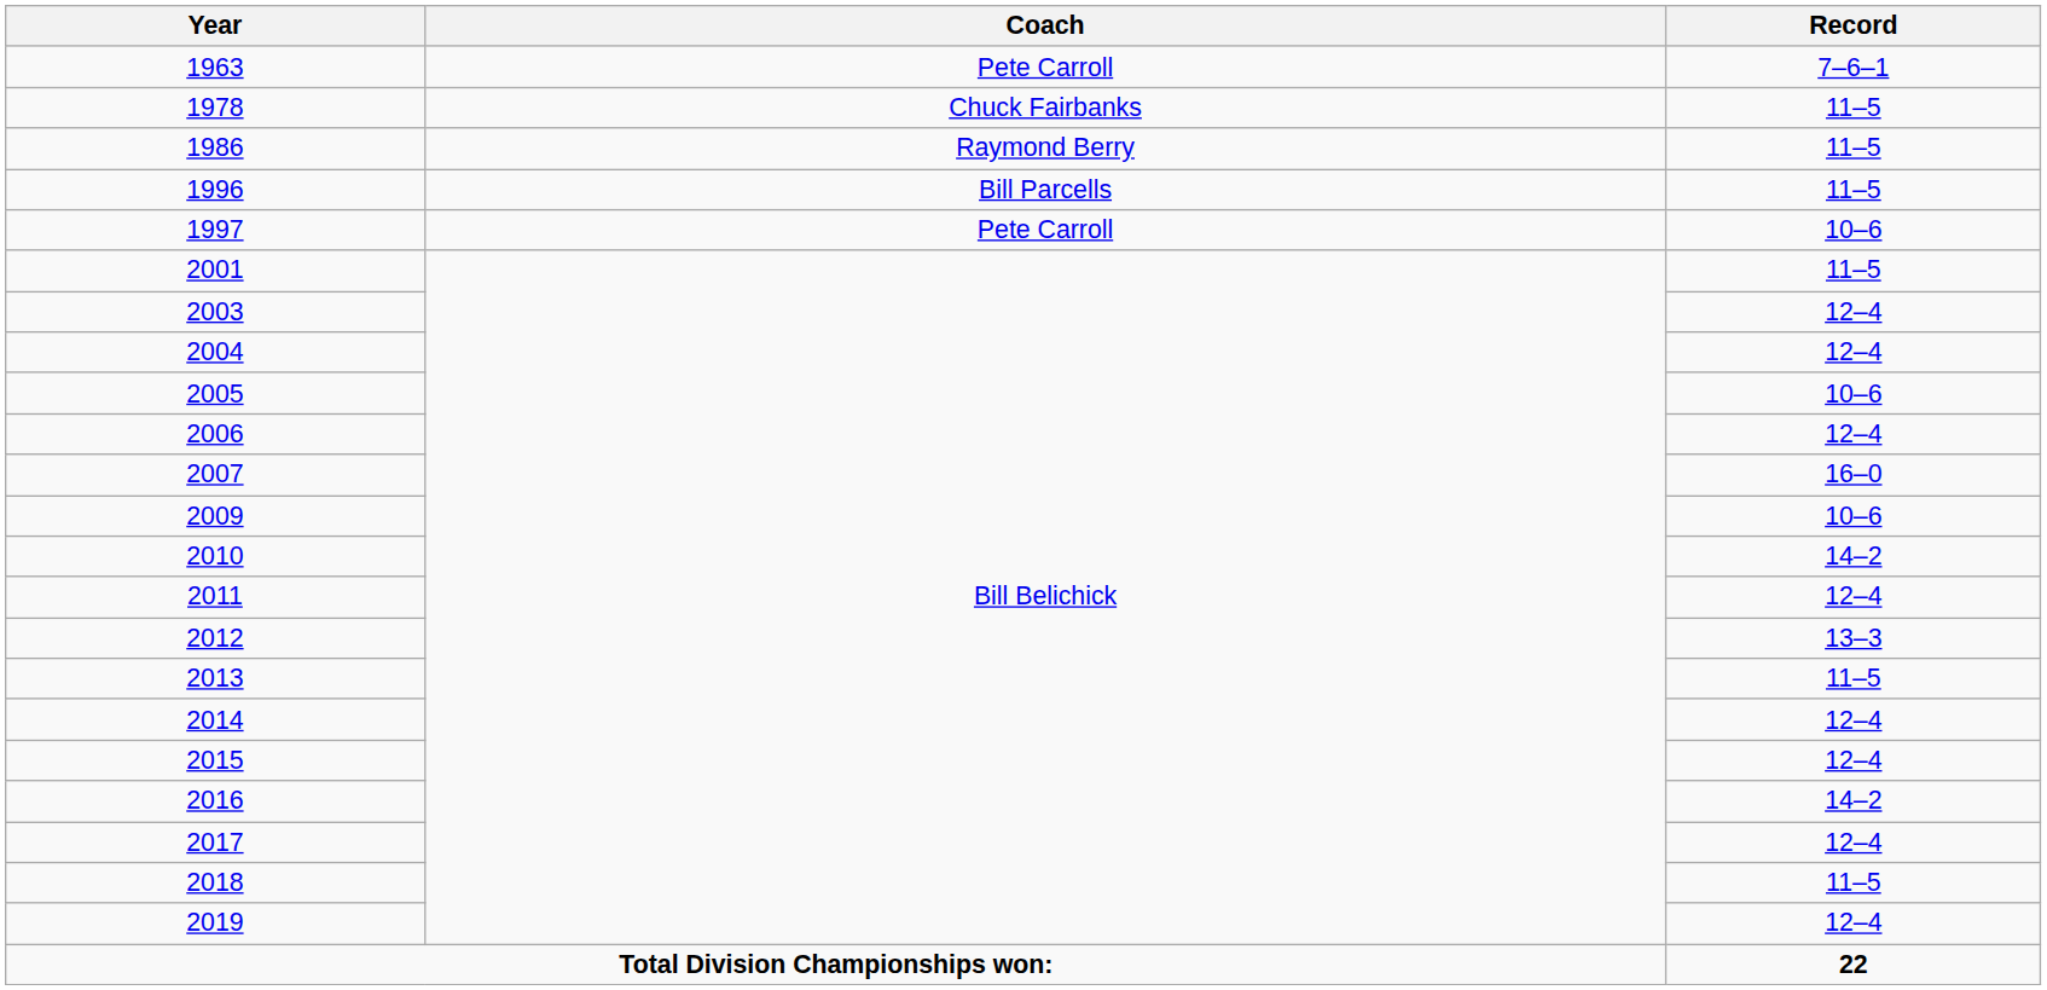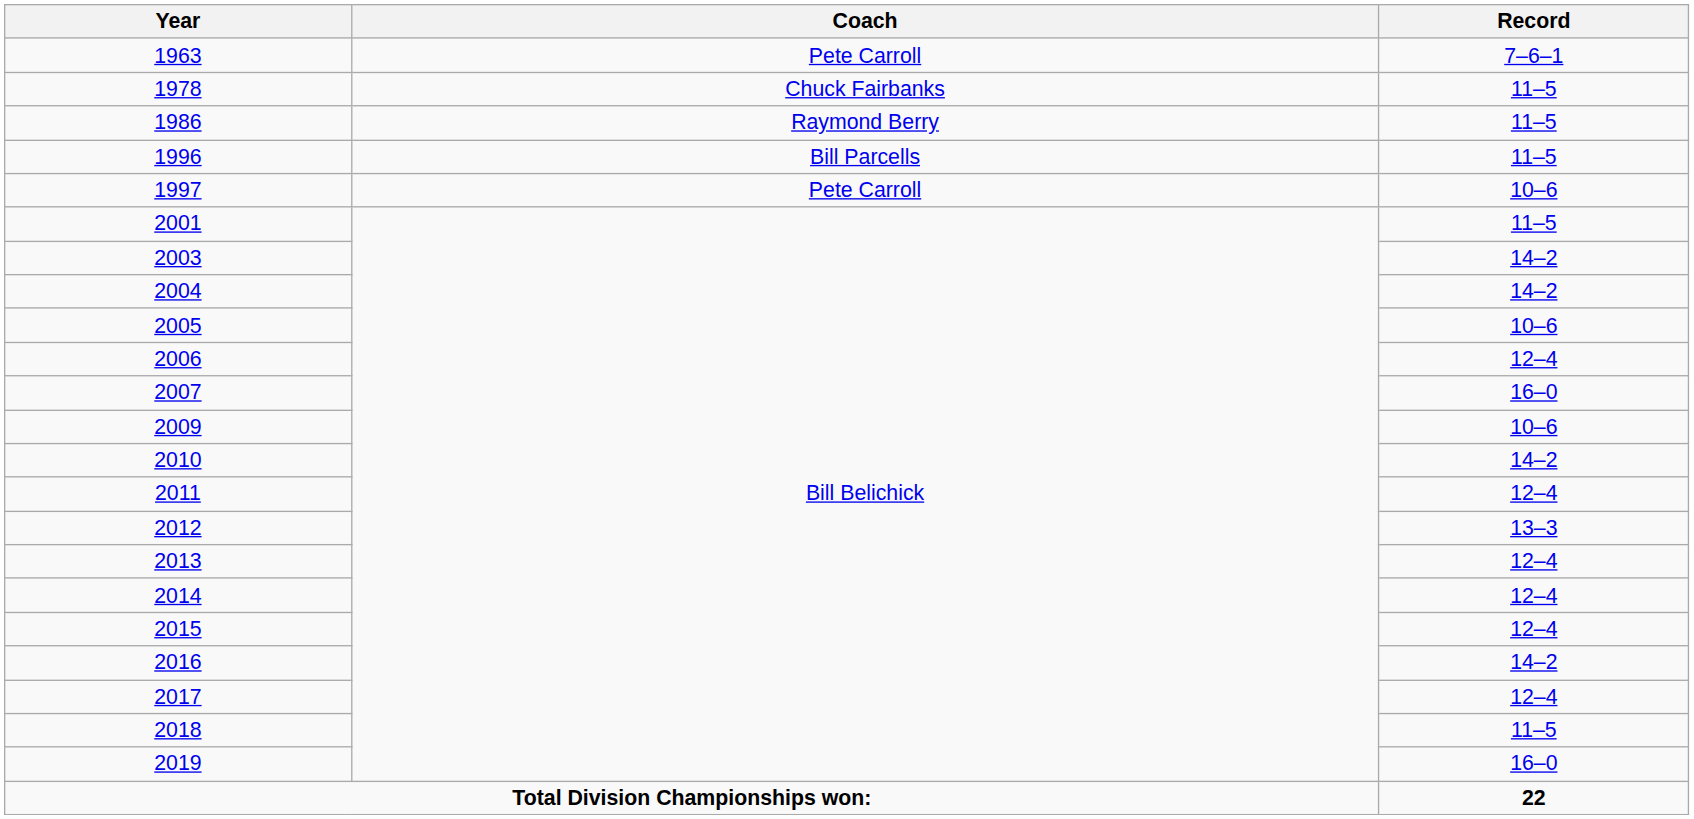 <table class="wikitable" style="width:80%;text-align:center">
 <tr>
 <th>Year</th>
 <th>Coach</th>
 <th>Record</th>
 </tr>
 <tr>
 <td><a href='#'>1963</a></td>
 <td><a href='#'>Pete Carroll</a></td>
 <td><a href='#'>7–6–1</a></td>
 </tr>
 <tr>
 <td><a href='#'>1978</a></td>
 <td><a href='#'>Chuck Fairbanks</a></td>
 <td><a href='#'>11–5</a></td>
 </tr>
 <tr>
 <td><a href='#'>1986</a></td>
 <td><a href='#'>Raymond Berry</a></td>
 <td><a href='#'>11–5</a></td>
 </tr>
 <tr>
 <td><a href='#'>1996</a></td>
 <td><a href='#'>Bill Parcells</a></td>
 <td><a href='#'>11–5</a></td>
 </tr>
 <tr>
 <td><a href='#'>1997</a></td>
 <td><a href='#'>Pete Carroll</a></td>
 <td><a href='#'>10–6</a></td>
 </tr>
 <tr>
 <td><a href='#'>2001</a></td>
 <td rowspan="17"><a href='#'>Bill Belichick</a></td>
 <td><a href='#'>11–5</a></td>
 </tr>
 <tr>
 <td><a href='#'>2003</a></td>
-<td><a href='#'>12–4</a></td>
+<td><a href='#'>14–2</a></td>
 </tr>
 <tr>
 <td><a href='#'>2004</a></td>
-<td><a href='#'>12–4</a></td>
+<td><a href='#'>14–2</a></td>
 </tr>
 <tr>
 <td><a href='#'>2005</a></td>
 <td><a href='#'>10–6</a></td>
 </tr>
 <tr>
 <td><a href='#'>2006</a></td>
 <td><a href='#'>12–4</a></td>
 </tr>
 <tr>
 <td><a href='#'>2007</a></td>
 <td><a href='#'>16–0</a></td>
 </tr>
 <tr>
 <td><a href='#'>2009</a></td>
 <td><a href='#'>10–6</a></td>
 </tr>
 <tr>
 <td><a href='#'>2010</a></td>
 <td><a href='#'>14–2</a></td>
 </tr>
 <tr>
 <td><a href='#'>2011</a></td>
 <td><a href='#'>12–4</a></td>
 </tr>
 <tr>
 <td><a href='#'>2012</a></td>
 <td><a href='#'>13–3</a></td>
 </tr>
 <tr>
 <td><a href='#'>2013</a></td>
-<td><a href='#'>11–5</a></td>
+<td><a href='#'>12–4</a></td>
 </tr>
 <tr>
 <td><a href='#'>2014</a></td>
 <td><a href='#'>12–4</a></td>
 </tr>
 <tr>
 <td><a href='#'>2015</a></td>
 <td><a href='#'>12–4</a></td>
 </tr>
 <tr>
 <td><a href='#'>2016</a></td>
 <td><a href='#'>14–2</a></td>
 </tr>
 <tr>
 <td><a href='#'>2017</a></td>
 <td><a href='#'>12–4</a></td>
 </tr>
 <tr>
 <td><a href='#'>2018</a></td>
 <td><a href='#'>11–5</a></td>
 </tr>
 <tr>
 <td><a href='#'>2019</a></td>
-<td><a href='#'>12–4</a></td>
+<td><a href='#'>16–0</a></td>
 </tr>
 <tr>
 <td colspan="2"><strong>Total Division Championships won:</strong></td>
 <td colspan="1"><strong>22</strong></td>
 </tr>
 </table>
